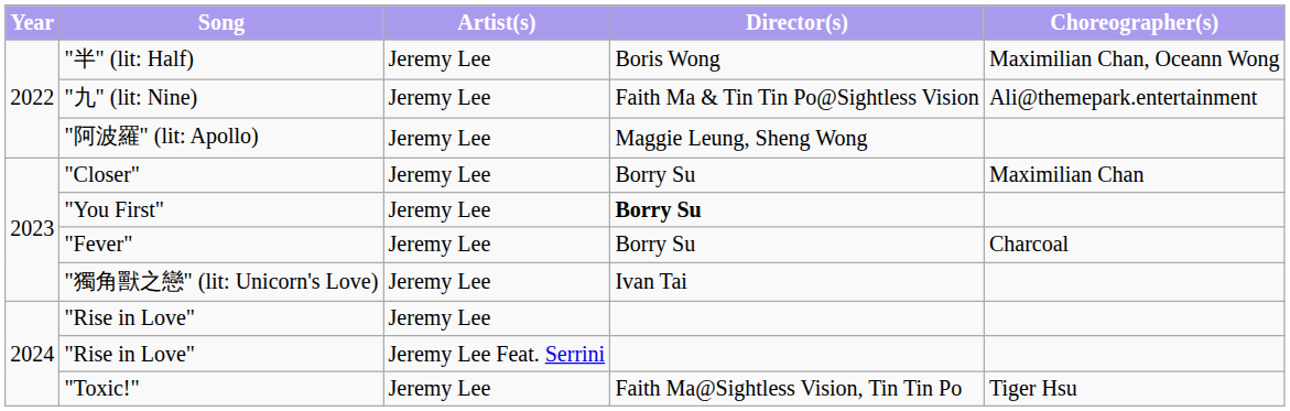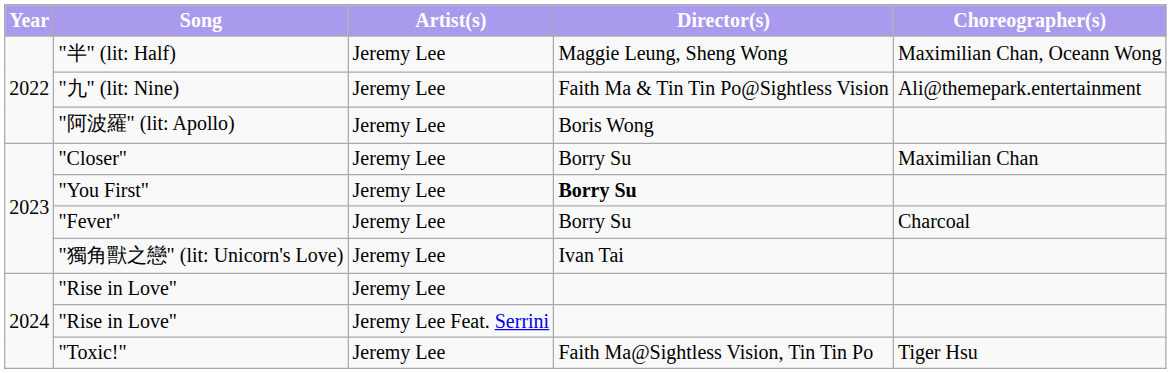 <table class="wikitable">
 <tr>
 <th style="background: #aa9aee; color: white;">Year</th>
 <th style="background: #aa9aee; color: white;">Song</th>
 <th style="background: #aa9aee; color: white;">Artist(s)</th>
 <th style="background: #aa9aee; color: white;">Director(s)</th>
 <th style="background: #aa9aee; color: white;">Choreographer(s)</th>
 </tr>
 <tr>
 <td rowspan="3">2022</td>
 <td>"半" (lit: Half)</td>
 <td>Jeremy Lee</td>
-<td>Boris Wong</td>
+<td>Maggie Leung, Sheng Wong</td>
 <td>Maximilian Chan, Oceann Wong</td>
 </tr>
 <tr>
 <td>"九" (lit: Nine)</td>
 <td>Jeremy Lee</td>
 <td>Faith Ma & Tin Tin Po@Sightless Vision</td>
 <td>Ali@themepark.entertainment</td>
 </tr>
 <tr>
 <td>"阿波羅" (lit: Apollo)</td>
 <td>Jeremy Lee</td>
-<td>Maggie Leung, Sheng Wong</td>
+<td>Boris Wong</td>
 <td></td>
 </tr>
 <tr>
 <td rowspan="4">2023</td>
 <td>"Closer"</td>
 <td>Jeremy Lee</td>
 <td>Borry Su</td>
 <td>Maximilian Chan</td>
 </tr>
 <tr>
 <td>"You First"</td>
 <td>Jeremy Lee</td>
 <td><strong>Borry Su</strong></td>
 <td></td>
 </tr>
 <tr>
 <td>"Fever"</td>
 <td>Jeremy Lee</td>
 <td>Borry Su</td>
 <td>Charcoal</td>
 </tr>
 <tr>
 <td>"獨角獸之戀" (lit: Unicorn's Love)</td>
 <td>Jeremy Lee</td>
 <td>Ivan Tai</td>
 <td></td>
 </tr>
 <tr>
 <td rowspan="3">2024</td>
 <td>"Rise in Love"</td>
 <td>Jeremy Lee</td>
 <td></td>
 <td></td>
 </tr>
 <tr>
 <td>"Rise in Love"</td>
 <td>Jeremy Lee Feat. <a href='#'>Serrini</a></td>
 <td></td>
 <td></td>
 </tr>
 <tr>
 <td>"Toxic!"</td>
 <td>Jeremy Lee</td>
 <td>Faith Ma@Sightless Vision, Tin Tin Po</td>
 <td>Tiger Hsu</td>
 </tr>
 </table>
